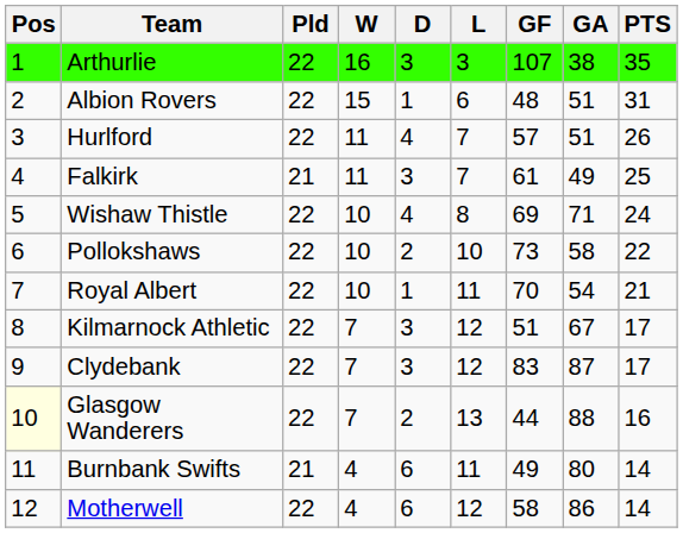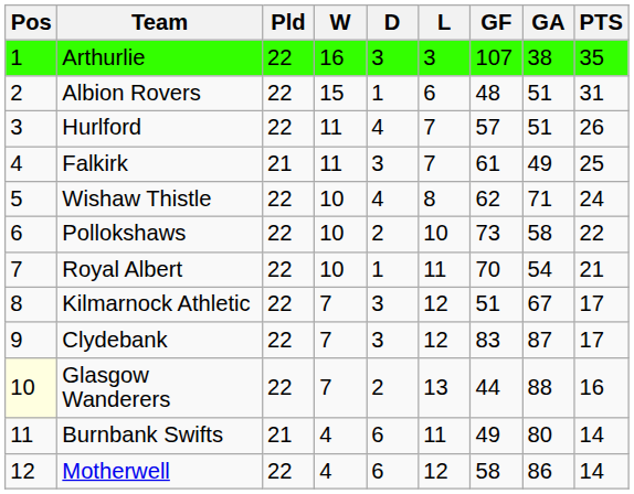 <table class="wikitable" style="text–align: center;">
 <tr>
 <th width=30>Pos</th>
 <th width=140>Team</th>
 <th width=30>Pld</th>
 <th width=30>W</th>
 <th width=30>D</th>
 <th width=30>L</th>
 <th width=30>GF</th>
 <th width=30>GA</th>
 <th width=30>PTS</th>
 </tr>
 <tr style="background:#33FF00;">
 <td>1</td>
 <td>Arthurlie</td>
 <td>22</td>
 <td>16</td>
 <td>3</td>
 <td>3</td>
 <td>107</td>
 <td>38</td>
 <td>35</td>
 </tr>
 <tr>
 <td>2</td>
 <td>Albion Rovers</td>
 <td>22</td>
 <td>15</td>
 <td>1</td>
 <td>6</td>
 <td>48</td>
 <td>51</td>
 <td>31</td>
 </tr>
 <tr>
 <td>3</td>
 <td>Hurlford</td>
 <td>22</td>
 <td>11</td>
 <td>4</td>
 <td>7</td>
 <td>57</td>
 <td>51</td>
 <td>26</td>
 </tr>
 <tr>
 <td>4</td>
 <td>Falkirk</td>
 <td>21</td>
 <td>11</td>
 <td>3</td>
 <td>7</td>
 <td>61</td>
 <td>49</td>
 <td>25</td>
 </tr>
 <tr>
 <td>5</td>
 <td>Wishaw Thistle</td>
 <td>22</td>
 <td>10</td>
 <td>4</td>
 <td>8</td>
-<td>69</td>
+<td>62</td>
 <td>71</td>
 <td>24</td>
 </tr>
 <tr>
 <td>6</td>
 <td>Pollokshaws</td>
 <td>22</td>
 <td>10</td>
 <td>2</td>
 <td>10</td>
 <td>73</td>
 <td>58</td>
 <td>22</td>
 </tr>
 <tr>
 <td>7</td>
 <td>Royal Albert</td>
 <td>22</td>
 <td>10</td>
 <td>1</td>
 <td>11</td>
 <td>70</td>
 <td>54</td>
 <td>21</td>
 </tr>
 <tr>
 <td>8</td>
 <td>Kilmarnock Athletic</td>
 <td>22</td>
 <td>7</td>
 <td>3</td>
 <td>12</td>
 <td>51</td>
 <td>67</td>
 <td>17</td>
 </tr>
 <tr>
 <td>9</td>
 <td>Clydebank</td>
 <td>22</td>
 <td>7</td>
 <td>3</td>
 <td>12</td>
 <td>83</td>
 <td>87</td>
 <td>17</td>
 </tr>
 <tr>
 <td style="background: lightyellow;">10</td>
 <td>Glasgow Wanderers</td>
 <td>22</td>
 <td>7</td>
 <td>2</td>
 <td>13</td>
 <td>44</td>
 <td>88</td>
 <td>16</td>
 </tr>
 <tr>
 <td>11</td>
 <td>Burnbank Swifts</td>
 <td>21</td>
 <td>4</td>
 <td>6</td>
 <td>11</td>
 <td>49</td>
 <td>80</td>
 <td>14</td>
 </tr>
 <tr>
 <td>12</td>
 <td><a href='#'>Motherwell</a></td>
 <td>22</td>
 <td>4</td>
 <td>6</td>
 <td>12</td>
 <td>58</td>
 <td>86</td>
 <td>14</td>
 </tr>
 </table>
